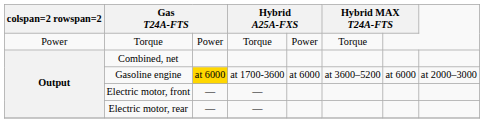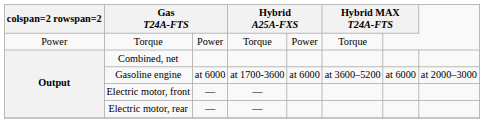 <table class="wikitable" style="font-size:80%;text-align:center;">
 <tr>
 <th>colspan=2 rowspan=2 </th>
 <th colspan=2>Gas<br><em>T24A-FTS</em></th>
 <th colspan=2>Hybrid<br><em>A25A-FXS</em></th>
 <th colspan=2>Hybrid MAX<br><em>T24A-FTS</em></th>
 </tr>
 <tr>
 <td>Power</td>
 <td>Torque</td>
 <td>Power</td>
 <td>Torque</td>
 <td>Power</td>
 <td>Torque</td>
 </tr>
 <tr>
 <th rowspan=4>Output</th>
 <td>Combined, net</td>
 <td></td>
 <td></td>
 <td></td>
 <td></td>
 <td></td>
 <td></td>
 </tr>
 <tr>
 <td>Gasoline engine</td>
-<td style="background: gold;"> at 6000</td>
+<td> at 6000</td>
 <td> at 1700-3600</td>
 <td> at 6000</td>
 <td> at 3600–5200</td>
 <td> at 6000</td>
 <td> at 2000–3000</td>
 </tr>
 <tr>
 <td>Electric motor, front</td>
 <td>—</td>
 <td>—</td>
 <td></td>
 <td></td>
 <td></td>
 <td></td>
 </tr>
 <tr>
 <td>Electric motor, rear</td>
 <td>—</td>
 <td>—</td>
 <td></td>
 <td></td>
 <td></td>
 <td></td>
 </tr>
 <tr>
 </tr>
 </table>
